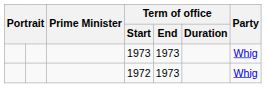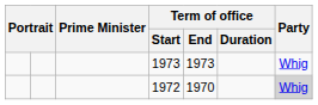 <table class="wikitable sortable mw-collapsible sticky-header-multi" style="line-height:1.4em; text-align:center;">
 <tr>
 <th rowspan=2 colspan=2 scope="col" class=unsortable>Portrait</th>
 <th rowspan=2 scope="col" class=unsortable>Prime Minister</th>
 <th colspan=3 scope="colgroup">Term of office</th>
 <th rowspan=2 scope="col">Party</th>
 </tr>
 <tr>
 <th scope="col">Start</th>
 <th scope="col">End</th>
 <th scope="col">Duration</th>
 </tr>
 <tr>
 <td style="background:"></td>
 <td></td>
 <td></td>
 <td class=nowrap> 1973</td>
 <td class=nowrap> 1973</td>
 <td></td>
 <td><a href='#'>Whig</a></td>
 </tr>
 <tr>
 <td style="background:"></td>
 <td></td>
 <td></td>
 <td class=nowrap> 1972</td>
-<td class=nowrap> 1973</td>
+<td class=nowrap> 1970</td>
 <td></td>
-<td><a href='#'>Whig</a></td>
+<td style="background: lightgrey;"><a href='#'>Whig</a></td>
 </tr>
 </table>
